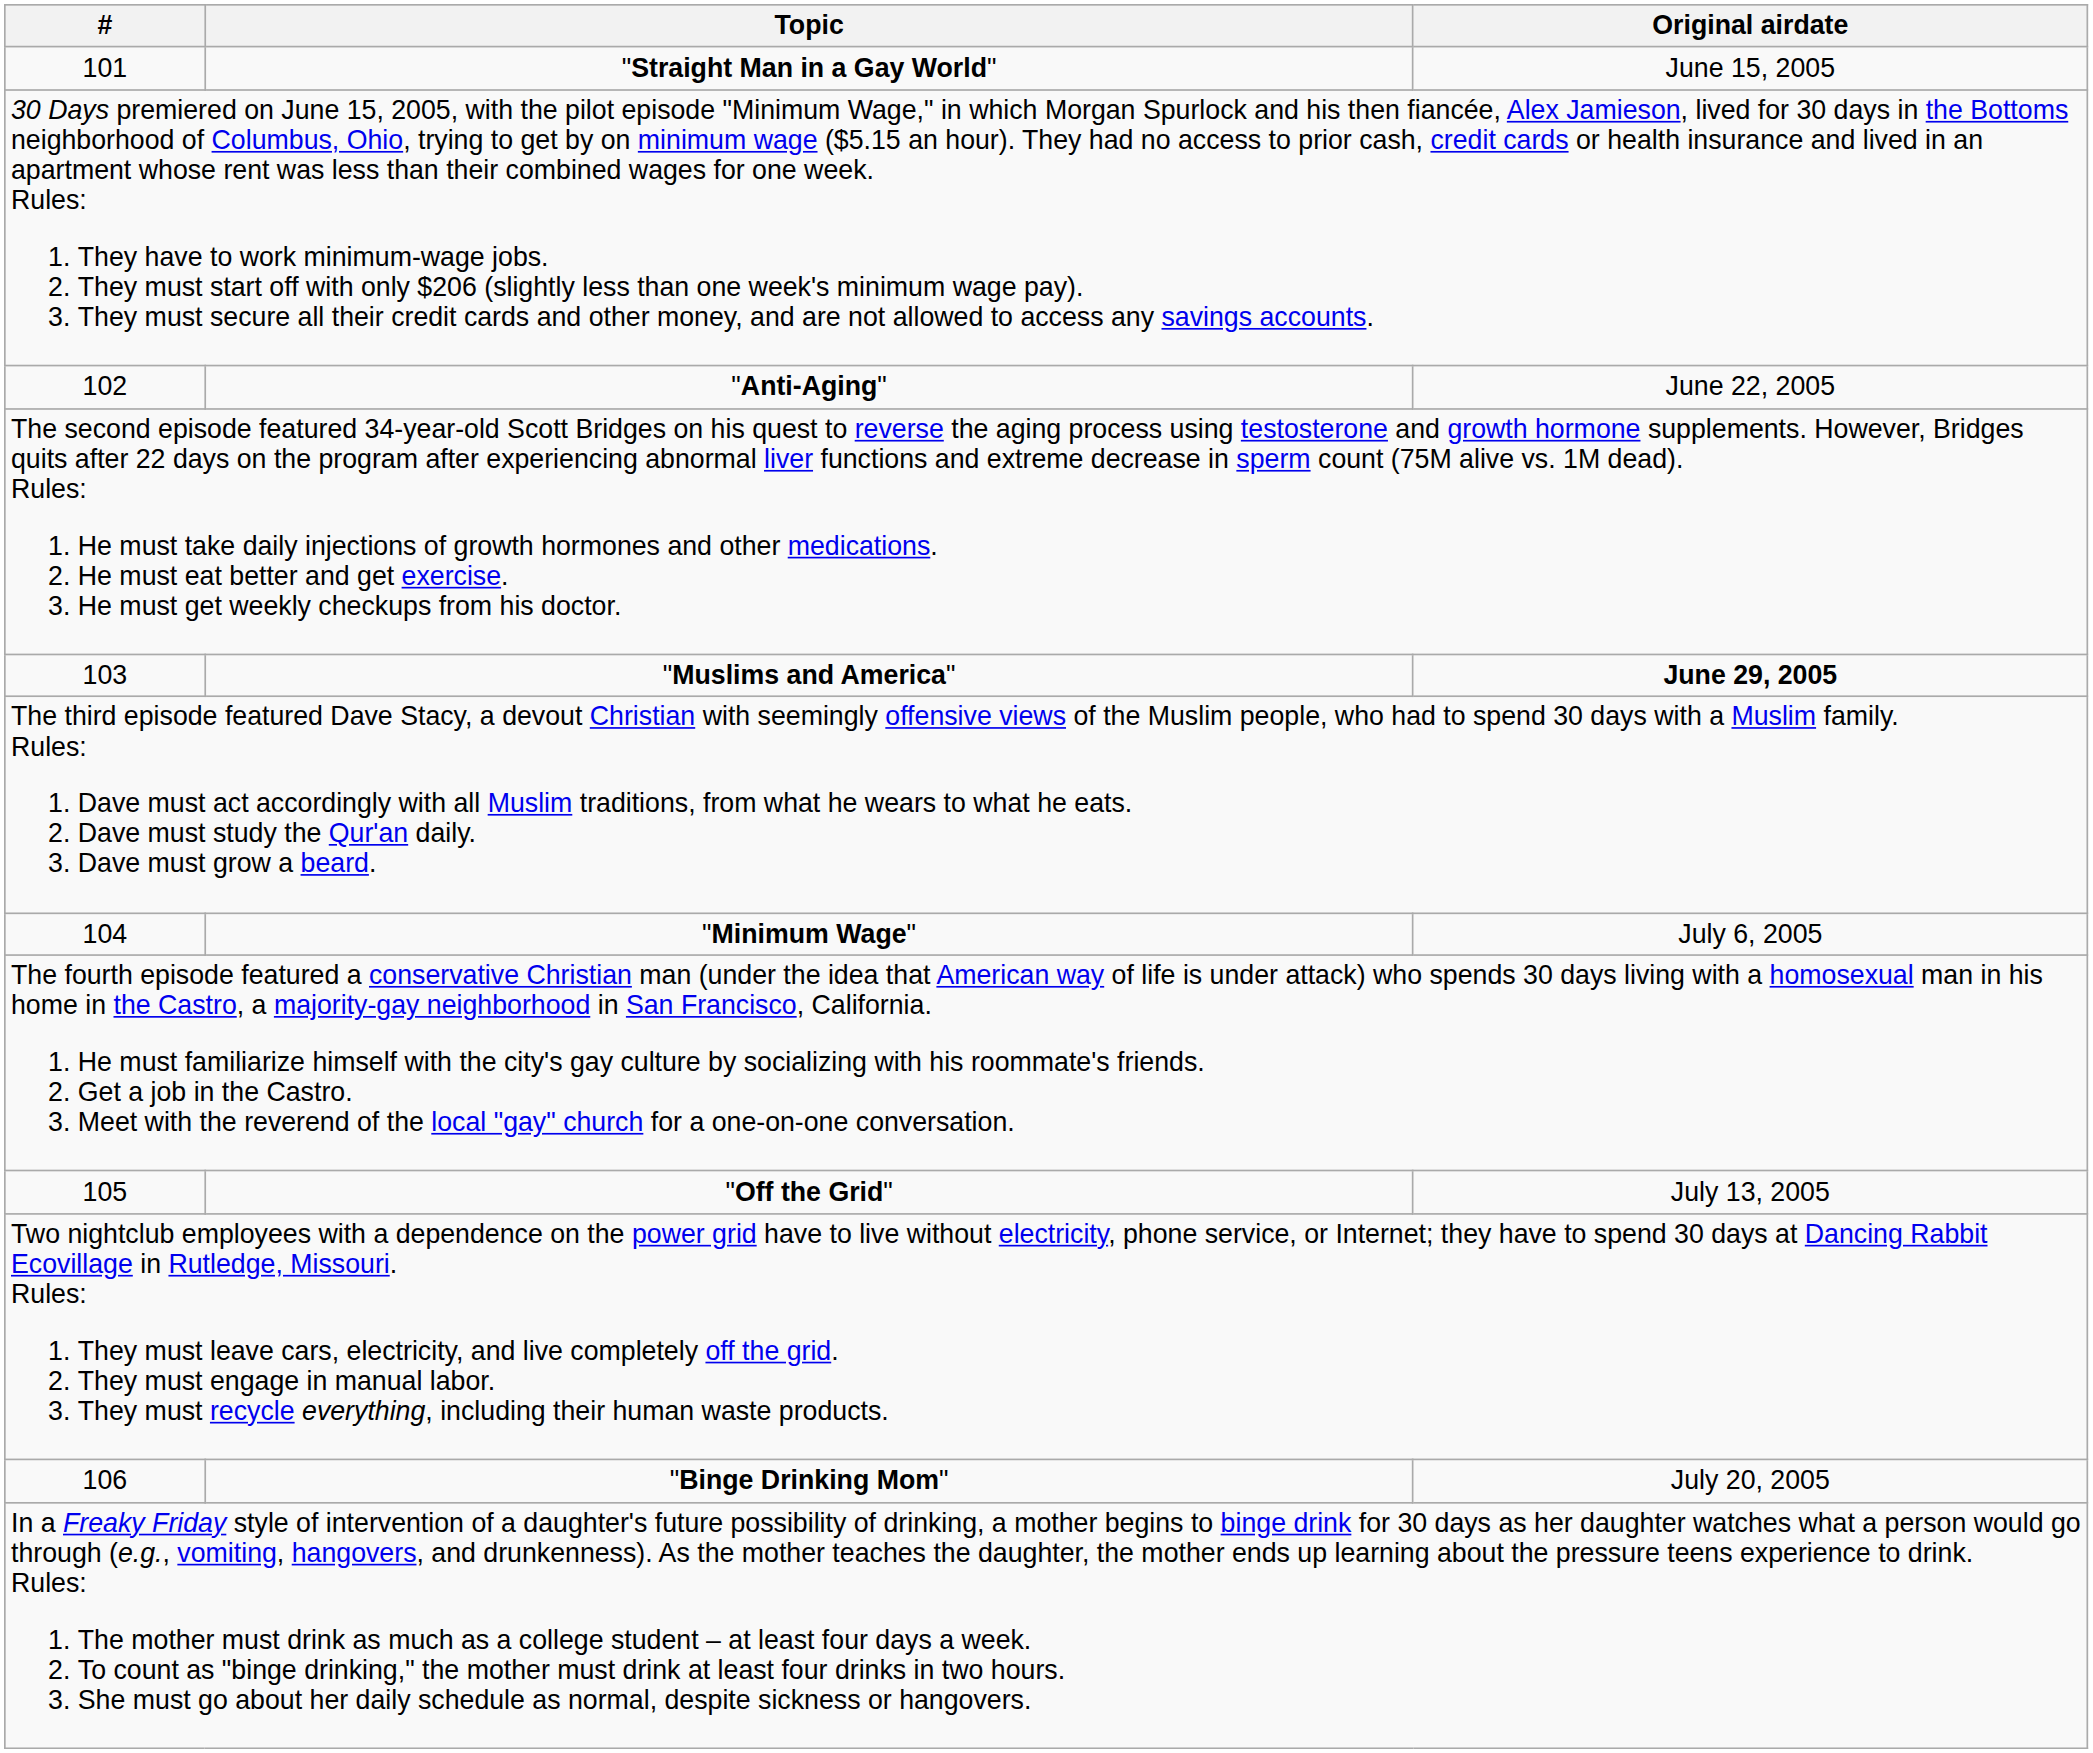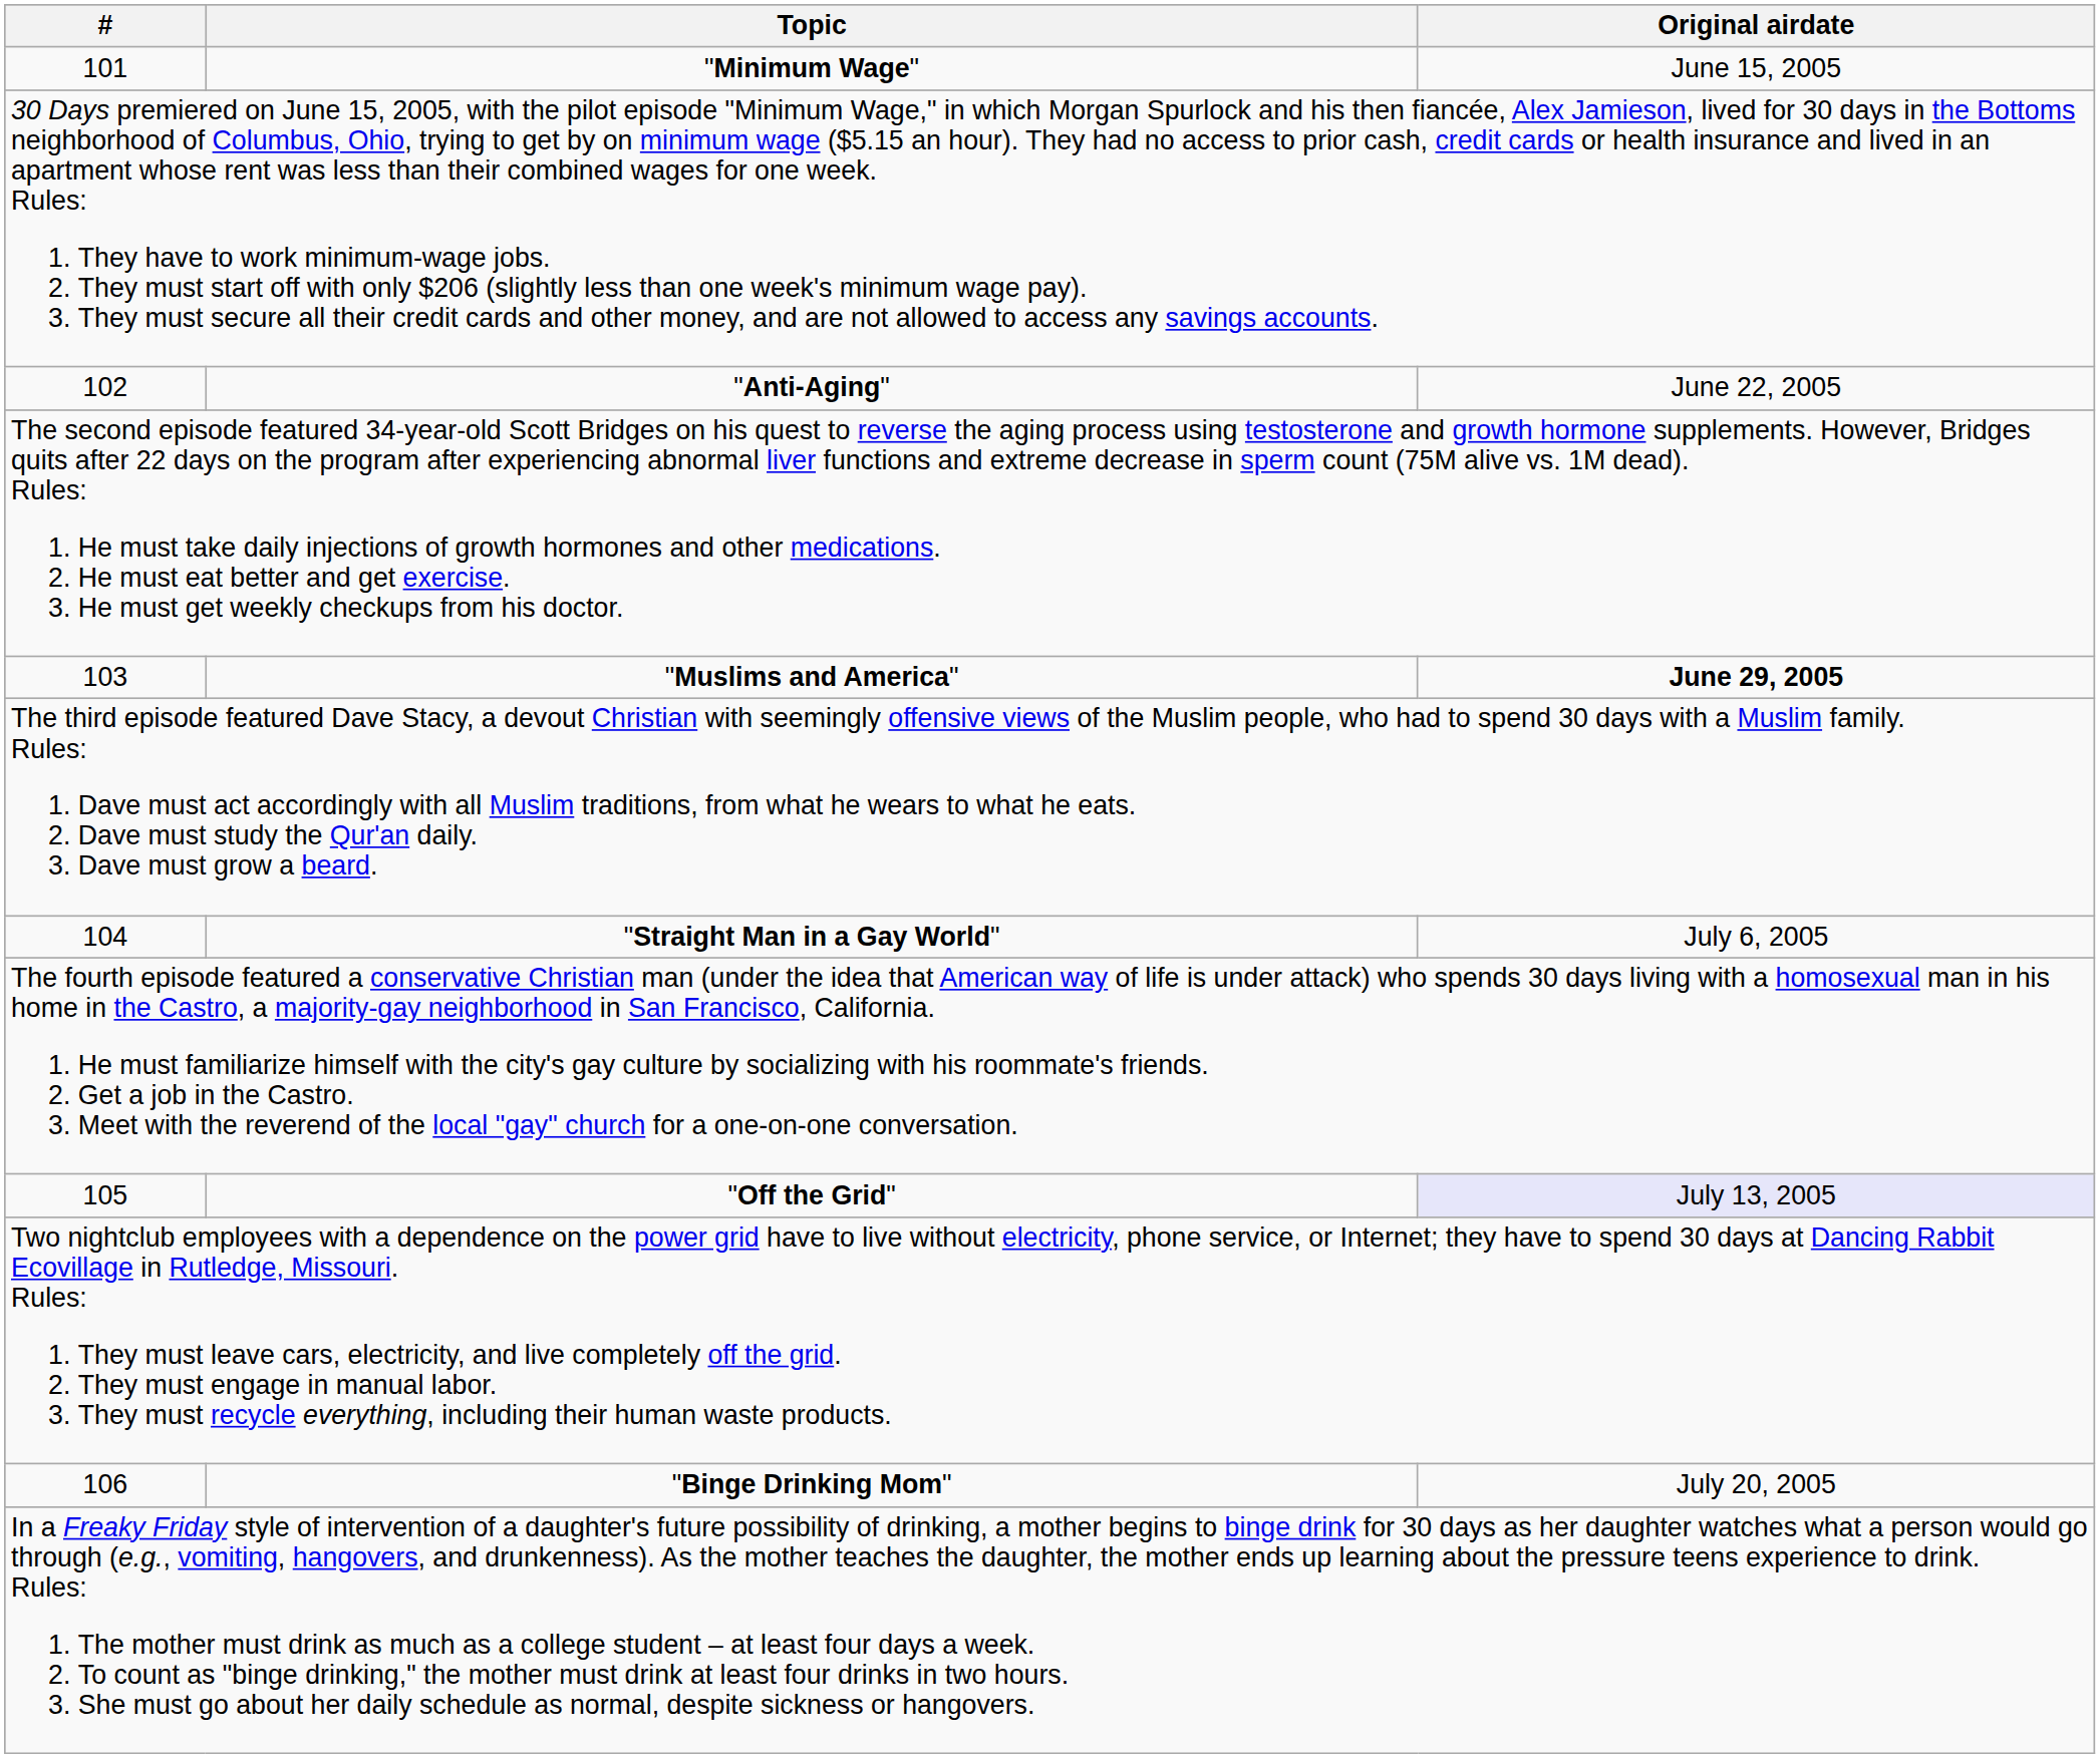 <table class="wikitable">
 <tr>
 <th>#</th>
 <th>Topic</th>
 <th>Original airdate</th>
 </tr>
 <tr>
 <td align="center">101</td>
-<td align="center" >"<strong>Straight Man in a Gay World</strong>"</td>
+<td align="center">"<strong>Minimum Wage</strong>"</td>
 <td align="center">June 15, 2005</td>
 </tr>
 <tr>
 <td colspan="3"><em>30 Days</em> premiered on June 15, 2005, with the pilot episode "Minimum Wage," in which Morgan Spurlock and his then fiancée, <a href='#'>Alex Jamieson</a>, lived for 30 days in <a href='#'>the Bottoms</a> neighborhood of <a href='#'>Columbus, Ohio</a>, trying to get by on <a href='#'>minimum wage</a> ($5.15 an hour).  They had no access to prior cash, <a href='#'>credit cards</a> or health insurance and lived in an apartment whose rent was less than their combined wages for one week.<br>Rules:<ol><li>They have to work minimum-wage jobs.</li><li>They must start off with only $206 (slightly less than one week's minimum wage pay).</li><li>They must secure all their credit cards and other money, and are not allowed to access any <a href='#'>savings accounts</a>.</li></ol></td>
 </tr>
 <tr>
 <td align="center">102</td>
 <td align="center">"<strong>Anti-Aging</strong>"</td>
 <td align="center">June 22, 2005</td>
 </tr>
 <tr>
 <td colspan="3">The second episode featured 34-year-old Scott Bridges on his quest to <a href='#'>reverse</a> the aging process using <a href='#'>testosterone</a> and <a href='#'>growth hormone</a> supplements. However, Bridges quits after 22 days on the program after experiencing abnormal <a href='#'>liver</a> functions and extreme decrease in <a href='#'>sperm</a> count (75M alive vs. 1M dead).<br>Rules:<ol><li>He must take daily injections of growth hormones and other <a href='#'>medications</a>.</li><li>He must eat better and get <a href='#'>exercise</a>.</li><li>He must get weekly checkups from his doctor.</li></ol></td>
 </tr>
 <tr>
 <td align="center">103</td>
 <td align="center">"<strong>Muslims and America</strong>"</td>
 <td align="center"><strong>June 29, 2005</strong></td>
 </tr>
 <tr>
 <td colspan="3">The third episode featured Dave Stacy, a devout <a href='#'>Christian</a> with seemingly <a href='#'>offensive views</a> of the Muslim people, who had to spend 30 days with a <a href='#'>Muslim</a> family.<br>Rules:<ol><li>Dave must act accordingly with all <a href='#'>Muslim</a> traditions, from what he wears to what he eats.</li><li>Dave must study the <a href='#'>Qur'an</a> daily.</li><li>Dave must grow a <a href='#'>beard</a>.</li></ol></td>
 </tr>
 <tr>
 <td align="center">104</td>
-<td align="center">"<strong>Minimum Wage</strong>"</td>
+<td align="center" >"<strong>Straight Man in a Gay World</strong>"</td>
 <td align="center">July 6, 2005</td>
 </tr>
 <tr>
 <td colspan="3">The fourth episode featured a <a href='#'>conservative Christian</a> man (under the idea that <a href='#'>American way</a> of life is under attack) who spends 30 days living with a <a href='#'>homosexual</a> man in his home in <a href='#'>the Castro</a>, a <a href='#'>majority-gay neighborhood</a> in <a href='#'>San Francisco</a>, California.<br><ol><li>He must familiarize himself with the city's gay culture by socializing with his roommate's friends.</li><li>Get a job in the Castro.</li><li>Meet with the reverend of the <a href='#'>local "gay" church</a> for a one-on-one conversation.</li></ol></td>
 </tr>
 <tr>
 <td align="center">105</td>
 <td align="center">"<strong>Off the Grid</strong>"</td>
-<td align="center">July 13, 2005</td>
+<td align="center" style="background: lavender;">July 13, 2005</td>
 </tr>
 <tr>
 <td colspan="3">Two nightclub employees with a dependence on the <a href='#'>power grid</a> have to live without <a href='#'>electricity</a>, phone service, or Internet; they have to spend 30 days at <a href='#'>Dancing Rabbit Ecovillage</a> in <a href='#'>Rutledge, Missouri</a>.<br>Rules:<ol><li>They must leave cars, electricity, and live completely <a href='#'>off the grid</a>.</li><li>They must engage in manual labor.</li><li>They must <a href='#'>recycle</a> <em>everything</em>, including their human waste products.</li></ol></td>
 </tr>
 <tr>
 <td align="center">106</td>
 <td align="center">"<strong>Binge Drinking Mom</strong>"</td>
 <td align="center">July 20, 2005</td>
 </tr>
 <tr>
 <td colspan="3">In a <em><a href='#'>Freaky Friday</a></em> style of intervention of a daughter's future possibility of drinking, a mother begins to <a href='#'>binge drink</a> for 30 days as her daughter watches what a person would go through (<em>e.g.</em>, <a href='#'>vomiting</a>, <a href='#'>hangovers</a>, and drunkenness). As the mother teaches the daughter, the mother ends up learning about the pressure teens experience to drink.<br>Rules:<ol><li>The mother must drink as much as a college student – at least four days a week.</li><li>To count as "binge drinking," the mother must drink at least four drinks in two hours.</li><li>She must go about her daily schedule as normal, despite sickness or hangovers.</li></ol></td>
 </tr>
 </table>
